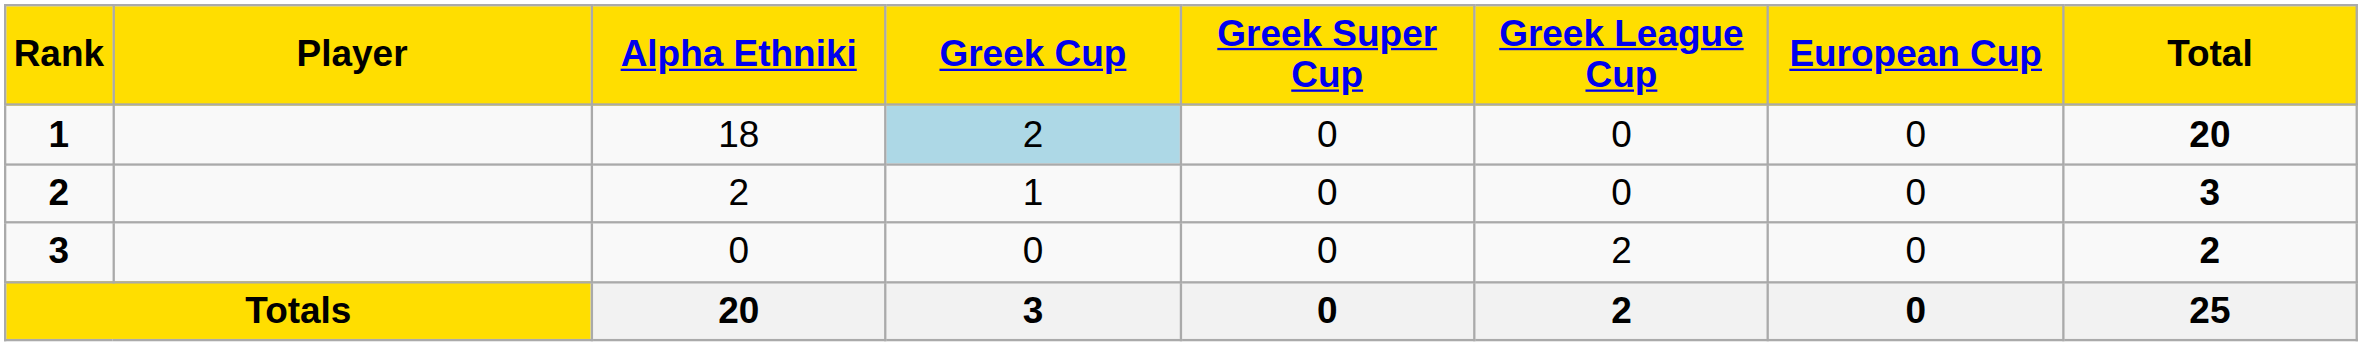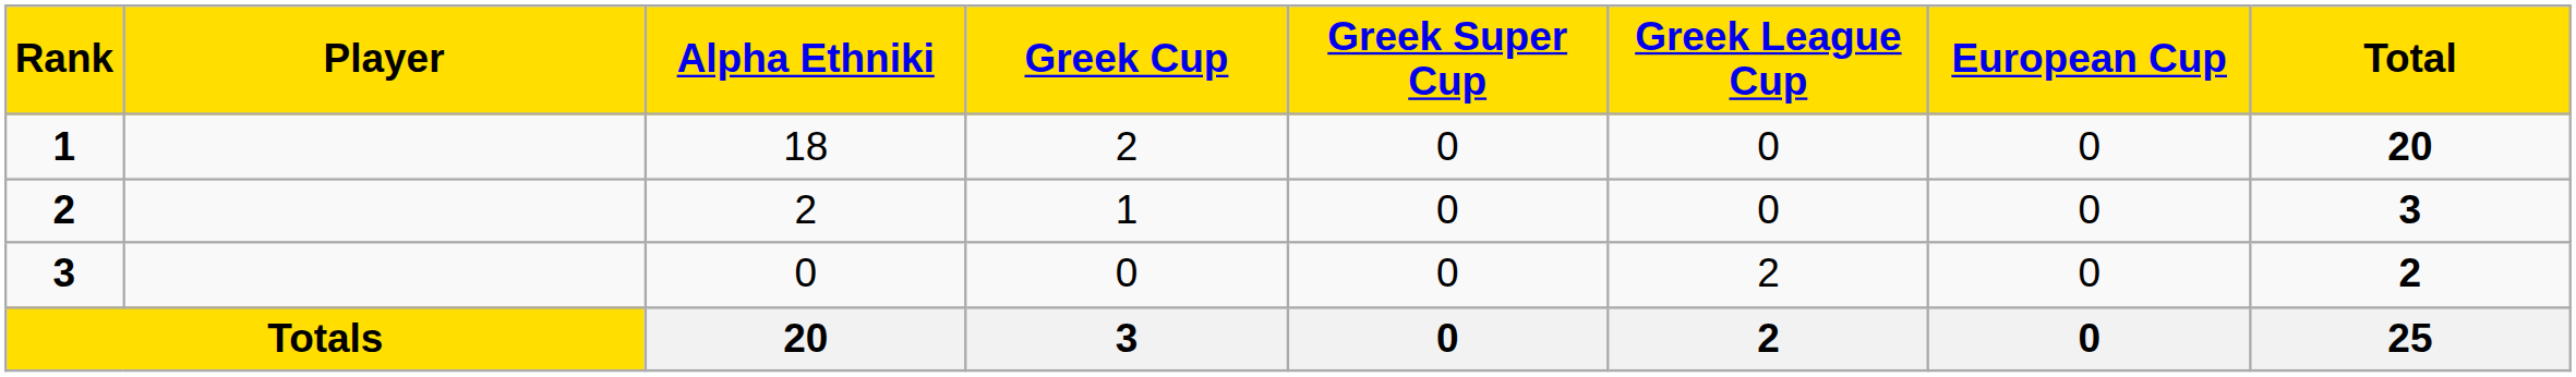 <table class="wikitable sortable" style="text-align:center">
 <tr>
 <th style="background:#FFDE00">Rank</th>
 <th width=200 style="background:#FFDE00">Player</th>
 <th width=120 style="background:#FFDE00"><a href='#'>Alpha Ethniki</a></th>
 <th width=120 style="background:#FFDE00"><a href='#'>Greek Cup</a></th>
 <th width=120 style="background:#FFDE00"><a href='#'>Greek Super Cup</a></th>
 <th width=120 style="background:#FFDE00"><a href='#'>Greek League Cup</a></th>
 <th width=120 style="background:#FFDE00"><a href='#'>European Cup</a></th>
 <th width=120 style="background:#FFDE00">Total</th>
 </tr>
 <tr>
 <td><strong>1</strong></td>
 <td align=left></td>
 <td>18</td>
-<td style="background: lightblue;">2</td>
+<td>2</td>
 <td>0</td>
 <td>0</td>
 <td>0</td>
 <td><strong>20</strong></td>
 </tr>
 <tr>
 <td><strong>2</strong></td>
 <td align=left></td>
 <td>2</td>
 <td>1</td>
 <td>0</td>
 <td>0</td>
 <td>0</td>
 <td><strong>3</strong></td>
 </tr>
 <tr>
 <td><strong>3</strong></td>
 <td align=left></td>
 <td>0</td>
 <td>0</td>
 <td>0</td>
 <td>2</td>
 <td>0</td>
 <td><strong>2</strong></td>
 </tr>
 <tr class="sortbottom">
 <th colspan=2 style="background:#FFDE00"><strong>Totals</strong></th>
 <th><strong>20</strong></th>
 <th><strong> 3</strong></th>
 <th><strong> 0</strong></th>
 <th><strong> 2</strong></th>
 <th><strong> 0</strong></th>
 <th><strong>25</strong></th>
 </tr>
 </table>
